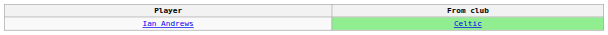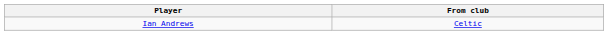 <table class="wikitable" style="width:97%; text-align:center; font-size:85%;">
 <tr>
 <th>Player</th>
 <th>From club</th>
 </tr>
 <tr>
 <td><a href='#'>Ian Andrews</a></td>
-<td style="background: lightgreen;"><a href='#'>Celtic</a></td>
+<td><a href='#'>Celtic</a></td>
 </tr>
 </table>
